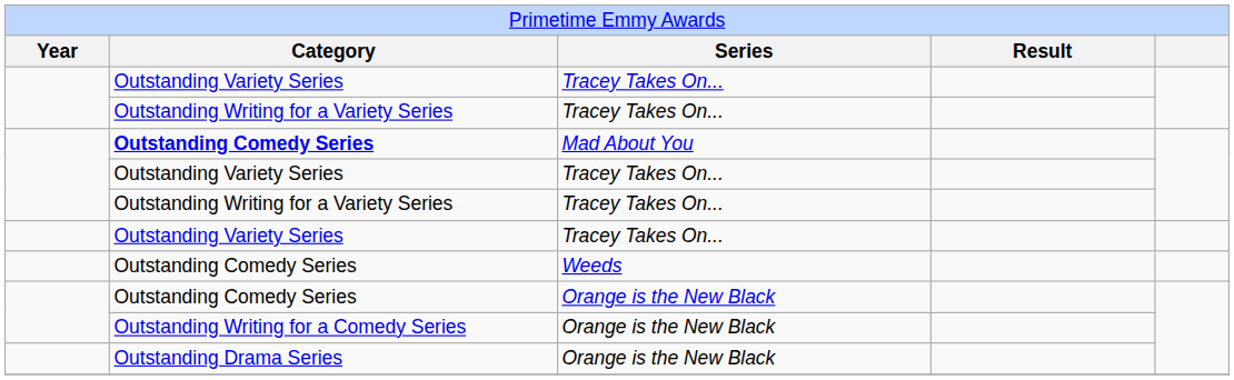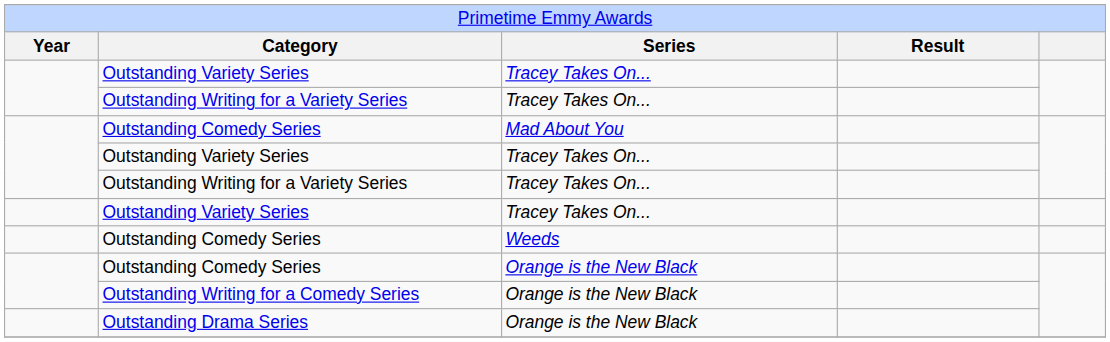 <table class="wikitable plainrowheaders" style="width:80%">
 <tr>
 </tr>
 <tr ---- bgcolor="#bfd7ff">
 <td colspan=6 align=center><a href='#'>Primetime Emmy Awards</a></td>
 </tr>
 <tr ---- bgcolor="#ebf5ff">
 <th scope="col" style="width:7%;">Year</th>
 <th scope="col" style="width:30%;">Category</th>
 <th scope="col" style="width:25%;">Series</th>
 <th scope="col" style="width:15%;">Result</th>
 <th scope="col" class="unsortable" style="width:5%;"></th>
 </tr>
 <tr>
 <td rowspan="2"></td>
 <td><a href='#'>Outstanding Variety Series</a></td>
 <td><em><a href='#'>Tracey Takes On...</a></em></td>
 <td></td>
 <td rowspan="2"></td>
 </tr>
 <tr>
 <td><a href='#'>Outstanding Writing for a Variety Series</a></td>
 <td><em>Tracey Takes On...</em></td>
 <td></td>
 </tr>
 <tr>
 <td rowspan="3"></td>
-<td><strong><a href='#'>Outstanding Comedy Series</a></strong></td>
+<td><a href='#'>Outstanding Comedy Series</a></td>
 <td><em><a href='#'>Mad About You</a></em></td>
 <td></td>
 <td rowspan="3"></td>
 </tr>
 <tr>
 <td>Outstanding Variety Series</td>
 <td><em>Tracey Takes On...</em></td>
 <td></td>
 </tr>
 <tr>
 <td>Outstanding Writing for a Variety Series</td>
 <td><em>Tracey Takes On...</em></td>
 <td></td>
 </tr>
 <tr>
 <td></td>
 <td><a href='#'>Outstanding Variety Series</a></td>
 <td><em>Tracey Takes On...</em></td>
 <td></td>
 <td></td>
 </tr>
 <tr>
 <td></td>
 <td>Outstanding Comedy Series</td>
 <td><em><a href='#'>Weeds</a></em></td>
 <td></td>
 <td></td>
 </tr>
 <tr>
 <td rowspan="2"></td>
 <td>Outstanding Comedy Series</td>
 <td><em><a href='#'>Orange is the New Black</a></em></td>
 <td></td>
 <td rowspan="3"></td>
 </tr>
 <tr>
 <td><a href='#'>Outstanding Writing for a Comedy Series</a></td>
 <td><em>Orange is the New Black</em></td>
 <td></td>
 </tr>
 <tr>
 <td></td>
 <td><a href='#'>Outstanding Drama Series</a></td>
 <td><em>Orange is the New Black</em></td>
 <td></td>
 </tr>
 <tr>
 </tr>
 </table>
